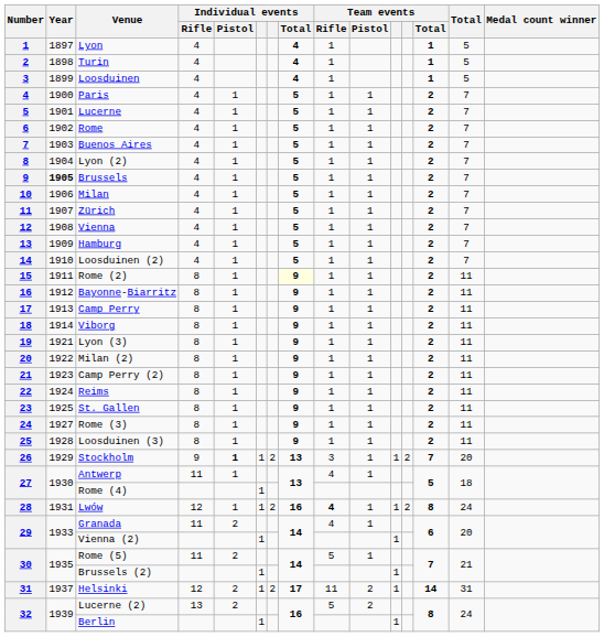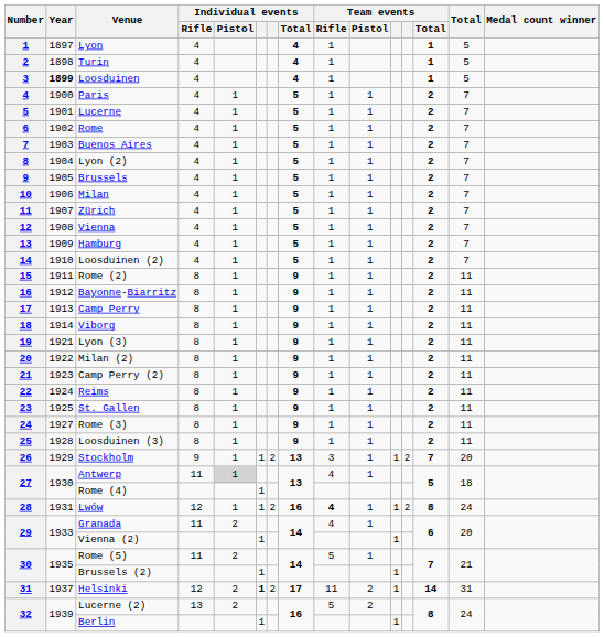 <table class=wikitable style="font-size: 95%">
 <tr>
 <th rowspan=2>Number</th>
 <th rowspan=2>Year</th>
 <th rowspan=2>Venue</th>
 <th colspan=5>Individual events</th>
 <th colspan=5>Team events</th>
 <th rowspan=2>Total</th>
 <th rowspan=2>Medal count winner</th>
 </tr>
 <tr>
 <th>Rifle</th>
 <th>Pistol</th>
 <th></th>
 <th></th>
 <th>Total</th>
 <th>Rifle</th>
 <th>Pistol</th>
 <th></th>
 <th></th>
 <th>Total</th>
 </tr>
 <tr align=center>
 <th><a href='#'>1</a></th>
 <td>1897</td>
 <td align=left> <a href='#'>Lyon</a></td>
 <td>4</td>
 <td></td>
 <td></td>
 <td></td>
 <td><strong> 4</strong></td>
 <td>1</td>
 <td></td>
 <td></td>
 <td></td>
 <td><strong> 1</strong></td>
 <td>5</td>
 <td align=left></td>
 </tr>
 <tr align=center>
 <th><a href='#'>2</a></th>
 <td>1898</td>
 <td align=left> <a href='#'>Turin</a></td>
 <td>4</td>
 <td></td>
 <td></td>
 <td></td>
 <td><strong> 4</strong></td>
 <td>1</td>
 <td></td>
 <td></td>
 <td></td>
 <td><strong> 1</strong></td>
 <td>5</td>
 <td align=left></td>
 </tr>
 <tr align=center>
 <th><a href='#'>3</a></th>
-<td>1899</td>
+<td><strong>1899</strong></td>
 <td align=left> <a href='#'>Loosduinen</a></td>
 <td>4</td>
 <td></td>
 <td></td>
 <td></td>
 <td><strong> 4</strong></td>
 <td>1</td>
 <td></td>
 <td></td>
 <td></td>
 <td><strong> 1</strong></td>
 <td>5</td>
 <td align=left></td>
 </tr>
 <tr align=center>
 <th><a href='#'>4</a></th>
 <td>1900</td>
 <td align=left> <a href='#'>Paris</a></td>
 <td>4</td>
 <td>1</td>
 <td></td>
 <td></td>
 <td><strong> 5</strong></td>
 <td>1</td>
 <td>1</td>
 <td></td>
 <td></td>
 <td><strong> 2</strong></td>
 <td>7</td>
 <td align=left></td>
 </tr>
 <tr align=center>
 <th><a href='#'>5</a></th>
 <td>1901</td>
 <td align=left> <a href='#'>Lucerne</a></td>
 <td>4</td>
 <td>1</td>
 <td></td>
 <td></td>
 <td><strong> 5</strong></td>
 <td>1</td>
 <td>1</td>
 <td></td>
 <td></td>
 <td><strong> 2</strong></td>
 <td>7</td>
 <td align=left></td>
 </tr>
 <tr align=center>
 <th><a href='#'>6</a></th>
 <td>1902</td>
 <td align=left> <a href='#'>Rome</a></td>
 <td>4</td>
 <td>1</td>
 <td></td>
 <td></td>
 <td><strong> 5</strong></td>
 <td>1</td>
 <td>1</td>
 <td></td>
 <td></td>
 <td><strong> 2</strong></td>
 <td>7</td>
 <td align=left></td>
 </tr>
 <tr align=center>
 <th><a href='#'>7</a></th>
 <td>1903</td>
 <td align=left> <a href='#'>Buenos Aires</a></td>
 <td>4</td>
 <td>1</td>
 <td></td>
 <td></td>
 <td><strong> 5</strong></td>
 <td>1</td>
 <td>1</td>
 <td></td>
 <td></td>
 <td><strong> 2</strong></td>
 <td>7</td>
 <td align=left></td>
 </tr>
 <tr align=center>
 <th><a href='#'>8</a></th>
 <td>1904</td>
 <td align=left> Lyon (2)</td>
 <td>4</td>
 <td>1</td>
 <td></td>
 <td></td>
 <td><strong> 5</strong></td>
 <td>1</td>
 <td>1</td>
 <td></td>
 <td></td>
 <td><strong> 2</strong></td>
 <td>7</td>
 <td align=left></td>
 </tr>
 <tr align=center>
 <th><a href='#'>9</a></th>
-<td><strong>1905</strong></td>
+<td>1905</td>
 <td align=left> <a href='#'>Brussels</a></td>
 <td>4</td>
 <td>1</td>
 <td></td>
 <td></td>
 <td><strong> 5</strong></td>
 <td>1</td>
 <td>1</td>
 <td></td>
 <td></td>
 <td><strong> 2</strong></td>
 <td>7</td>
 <td align=left></td>
 </tr>
 <tr align=center>
 <th><a href='#'>10</a></th>
 <td>1906</td>
 <td align=left> <a href='#'>Milan</a></td>
 <td>4</td>
 <td>1</td>
 <td></td>
 <td></td>
 <td><strong> 5</strong></td>
 <td>1</td>
 <td>1</td>
 <td></td>
 <td></td>
 <td><strong> 2</strong></td>
 <td>7</td>
 <td align=left></td>
 </tr>
 <tr align=center>
 <th><a href='#'>11</a></th>
 <td>1907</td>
 <td align=left> <a href='#'>Zürich</a></td>
 <td>4</td>
 <td>1</td>
 <td></td>
 <td></td>
 <td><strong> 5</strong></td>
 <td>1</td>
 <td>1</td>
 <td></td>
 <td></td>
 <td><strong> 2</strong></td>
 <td>7</td>
 <td align=left></td>
 </tr>
 <tr align=center>
 <th><a href='#'>12</a></th>
 <td>1908</td>
 <td align=left> <a href='#'>Vienna</a></td>
 <td>4</td>
 <td>1</td>
 <td></td>
 <td></td>
 <td><strong> 5</strong></td>
 <td>1</td>
 <td>1</td>
 <td></td>
 <td></td>
 <td><strong> 2</strong></td>
 <td>7</td>
 <td align=left></td>
 </tr>
 <tr align=center>
 <th><a href='#'>13</a></th>
 <td>1909</td>
 <td align=left> <a href='#'>Hamburg</a></td>
 <td>4</td>
 <td>1</td>
 <td></td>
 <td></td>
 <td><strong> 5</strong></td>
 <td>1</td>
 <td>1</td>
 <td></td>
 <td></td>
 <td><strong> 2</strong></td>
 <td>7</td>
 <td align=left></td>
 </tr>
 <tr align=center>
 <th><a href='#'>14</a></th>
 <td>1910</td>
 <td align=left> Loosduinen (2)</td>
 <td>4</td>
 <td>1</td>
 <td></td>
 <td></td>
 <td><strong> 5</strong></td>
 <td>1</td>
 <td>1</td>
 <td></td>
 <td></td>
 <td><strong> 2</strong></td>
 <td>7</td>
 <td align=left></td>
 </tr>
 <tr align=center>
 <th><a href='#'>15</a></th>
 <td>1911</td>
 <td align=left> Rome (2)</td>
 <td>8</td>
 <td>1</td>
 <td></td>
 <td></td>
-<td style="background: lightyellow;"><strong> 9</strong></td>
+<td><strong> 9</strong></td>
 <td>1</td>
 <td>1</td>
 <td></td>
 <td></td>
 <td><strong> 2</strong></td>
 <td>11</td>
 <td align=left></td>
 </tr>
 <tr align=center>
 <th><a href='#'>16</a></th>
 <td>1912</td>
 <td align=left> <a href='#'>Bayonne</a>-<a href='#'>Biarritz</a></td>
 <td>8</td>
 <td>1</td>
 <td></td>
 <td></td>
 <td><strong> 9</strong></td>
 <td>1</td>
 <td>1</td>
 <td></td>
 <td></td>
 <td><strong> 2</strong></td>
 <td>11</td>
 <td align=left></td>
 </tr>
 <tr align=center>
 <th><a href='#'>17</a></th>
 <td>1913</td>
 <td align=left> <a href='#'>Camp Perry</a></td>
 <td>8</td>
 <td>1</td>
 <td></td>
 <td></td>
 <td><strong> 9</strong></td>
 <td>1</td>
 <td>1</td>
 <td></td>
 <td></td>
 <td><strong> 2</strong></td>
 <td>11</td>
 <td align=left></td>
 </tr>
 <tr align=center>
 <th><a href='#'>18</a></th>
 <td>1914</td>
 <td align=left> <a href='#'>Viborg</a></td>
 <td>8</td>
 <td>1</td>
 <td></td>
 <td></td>
 <td><strong> 9</strong></td>
 <td>1</td>
 <td>1</td>
 <td></td>
 <td></td>
 <td><strong> 2</strong></td>
 <td>11</td>
 <td align=left></td>
 </tr>
 <tr align=center>
 <th><a href='#'>19</a></th>
 <td>1921</td>
 <td align=left> Lyon (3)</td>
 <td>8</td>
 <td>1</td>
 <td></td>
 <td></td>
 <td><strong> 9</strong></td>
 <td>1</td>
 <td>1</td>
 <td></td>
 <td></td>
 <td><strong> 2</strong></td>
 <td>11</td>
 <td align=left></td>
 </tr>
 <tr align=center>
 <th><a href='#'>20</a></th>
 <td>1922</td>
 <td align=left> Milan (2)</td>
 <td>8</td>
 <td>1</td>
 <td></td>
 <td></td>
 <td><strong> 9</strong></td>
 <td>1</td>
 <td>1</td>
 <td></td>
 <td></td>
 <td><strong> 2</strong></td>
 <td>11</td>
 <td align=left></td>
 </tr>
 <tr align=center>
 <th><a href='#'>21</a></th>
 <td>1923</td>
 <td align=left> Camp Perry (2)</td>
 <td>8</td>
 <td>1</td>
 <td></td>
 <td></td>
 <td><strong> 9</strong></td>
 <td>1</td>
 <td>1</td>
 <td></td>
 <td></td>
 <td><strong> 2</strong></td>
 <td>11</td>
 <td align=left></td>
 </tr>
 <tr align=center>
 <th><a href='#'>22</a></th>
 <td>1924</td>
 <td align=left> <a href='#'>Reims</a></td>
 <td>8</td>
 <td>1</td>
 <td></td>
 <td></td>
 <td><strong> 9</strong></td>
 <td>1</td>
 <td>1</td>
 <td></td>
 <td></td>
 <td><strong> 2</strong></td>
 <td>11</td>
 <td align=left></td>
 </tr>
 <tr align=center>
 <th><a href='#'>23</a></th>
 <td>1925</td>
 <td align=left> <a href='#'>St. Gallen</a></td>
 <td>8</td>
 <td>1</td>
 <td></td>
 <td></td>
 <td><strong> 9</strong></td>
 <td>1</td>
 <td>1</td>
 <td></td>
 <td></td>
 <td><strong> 2</strong></td>
 <td>11</td>
 <td align=left></td>
 </tr>
 <tr align=center>
 <th><a href='#'>24</a></th>
 <td>1927</td>
 <td align=left> Rome (3)</td>
 <td>8</td>
 <td>1</td>
 <td></td>
 <td></td>
 <td><strong> 9</strong></td>
 <td>1</td>
 <td>1</td>
 <td></td>
 <td></td>
 <td><strong> 2</strong></td>
 <td>11</td>
 <td align=left></td>
 </tr>
 <tr align=center>
 <th><a href='#'>25</a></th>
 <td>1928</td>
 <td align=left> Loosduinen (3)</td>
 <td>8</td>
 <td>1</td>
 <td></td>
 <td></td>
 <td><strong> 9</strong></td>
 <td>1</td>
 <td>1</td>
 <td></td>
 <td></td>
 <td><strong> 2</strong></td>
 <td>11</td>
 <td align=left></td>
 </tr>
 <tr align=center>
 <th><a href='#'>26</a></th>
 <td>1929</td>
 <td align=left> <a href='#'>Stockholm</a></td>
 <td>9</td>
-<td><strong>1</strong></td>
+<td>1</td>
 <td>1</td>
 <td>2</td>
 <td><strong>13</strong></td>
 <td>3</td>
 <td>1</td>
 <td>1</td>
 <td>2</td>
 <td><strong> 7</strong></td>
 <td>20</td>
 <td align=left></td>
 </tr>
 <tr align=center>
 <th rowspan=2><a href='#'>27</a></th>
 <td rowspan=2>1930</td>
 <td align=left> <a href='#'>Antwerp</a></td>
 <td>11</td>
-<td>1</td>
+<td style="background: lightgrey;">1</td>
 <td></td>
 <td></td>
 <td rowspan=2><strong>13</strong></td>
 <td>4</td>
 <td>1</td>
 <td></td>
 <td></td>
 <td rowspan=2><strong>5</strong></td>
 <td rowspan=2>18</td>
 <td align=left rowspan=2></td>
 </tr>
 <tr align=center>
 <td align=left> Rome (4)</td>
 <td></td>
 <td></td>
 <td>1</td>
 <td></td>
 <td></td>
 <td></td>
 <td></td>
 <td></td>
 </tr>
 <tr align=center>
 <th><a href='#'>28</a></th>
 <td>1931</td>
 <td align=left> <a href='#'>Lwów</a></td>
 <td>12</td>
 <td>1</td>
 <td>1</td>
 <td>2</td>
 <td><strong>16</strong></td>
 <td><strong>4</strong></td>
 <td>1</td>
 <td>1</td>
 <td>2</td>
 <td><strong> 8</strong></td>
 <td>24</td>
 <td align=left></td>
 </tr>
 <tr align=center>
 <th rowspan=2><a href='#'>29</a></th>
 <td rowspan=2>1933</td>
 <td align=left> <a href='#'>Granada</a></td>
 <td>11</td>
 <td>2</td>
 <td></td>
 <td></td>
 <td rowspan=2><strong>14</strong></td>
 <td>4</td>
 <td>1</td>
 <td></td>
 <td></td>
 <td rowspan=2><strong> 6</strong></td>
 <td rowspan=2>20</td>
 <td align=left rowspan=2></td>
 </tr>
 <tr align=center>
 <td align=left> Vienna (2)</td>
 <td></td>
 <td></td>
 <td>1</td>
 <td></td>
 <td></td>
 <td></td>
 <td>1</td>
 <td></td>
 </tr>
 <tr align=center>
 <th rowspan=2><a href='#'>30</a></th>
 <td rowspan=2>1935</td>
 <td align=left> Rome (5)</td>
 <td>11</td>
 <td>2</td>
 <td></td>
 <td></td>
 <td rowspan=2><strong>14</strong></td>
 <td>5</td>
 <td>1</td>
 <td></td>
 <td></td>
 <td rowspan=2><strong> 7</strong></td>
 <td rowspan=2>21</td>
 <td align=left rowspan=2></td>
 </tr>
 <tr align=center>
 <td align=left> Brussels (2)</td>
 <td></td>
 <td></td>
 <td>1</td>
 <td></td>
 <td></td>
 <td></td>
 <td>1</td>
 <td></td>
 </tr>
 <tr align=center>
 <th><a href='#'>31</a></th>
 <td>1937</td>
 <td align=left> <a href='#'>Helsinki</a></td>
 <td>12</td>
 <td>2</td>
-<td>1</td>
+<td><strong>1</strong></td>
 <td>2</td>
 <td><strong>17</strong></td>
 <td>11</td>
 <td>2</td>
 <td>1</td>
 <td></td>
 <td><strong>14</strong></td>
 <td>31</td>
 <td align=left></td>
 </tr>
 <tr align=center>
 <th rowspan=2><a href='#'>32</a></th>
 <td rowspan=2>1939</td>
 <td align=left> Lucerne (2)</td>
 <td>13</td>
 <td>2</td>
 <td></td>
 <td></td>
 <td rowspan=2><strong>16</strong></td>
 <td>5</td>
 <td>2</td>
 <td></td>
 <td></td>
 <td rowspan=2><strong> 8</strong></td>
 <td rowspan=2>24</td>
 <td align=left rowspan=2></td>
 </tr>
 <tr align=center>
 <td align=left> <a href='#'>Berlin</a></td>
 <td></td>
 <td></td>
 <td>1</td>
 <td></td>
 <td></td>
 <td></td>
 <td>1</td>
 <td></td>
 </tr>
 </table>
